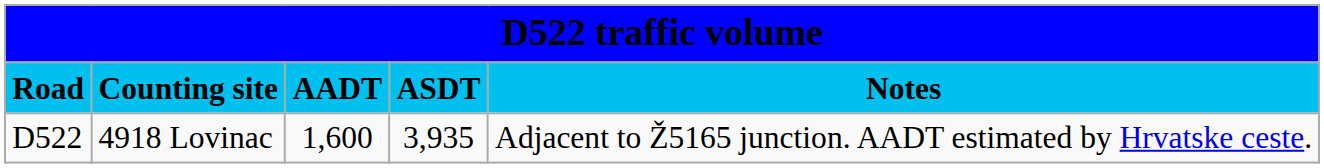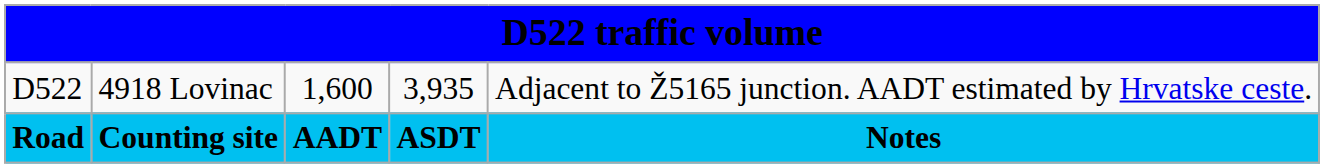 <table class="wikitable">
 <tr>
 <td colspan=5 bgcolor=blue align=center style=margin-top:15><span><big><strong>D522 traffic volume</strong></big></span></td>
+</tr>
+<tr>
+<td> D522</td>
+<td>4918 Lovinac</td>
+<td align=center>1,600</td>
+<td align=center>3,935</td>
+<td>Adjacent to Ž5165 junction. AADT estimated by <a href='#'>Hrvatske ceste</a>.</td>
 </tr>
 <tr>
 <td align=center bgcolor=00c0f0><strong>Road</strong></td>
 <td align=center bgcolor=00c0f0><strong>Counting site</strong></td>
 <td align=center bgcolor=00c0f0><strong>AADT</strong></td>
 <td align=center bgcolor=00c0f0><strong>ASDT</strong></td>
 <td align=center bgcolor=00c0f0><strong>Notes</strong></td>
 </tr>
-<tr>
-<td> D522</td>
-<td>4918 Lovinac</td>
-<td align=center>1,600</td>
-<td align=center>3,935</td>
-<td>Adjacent to Ž5165 junction. AADT estimated by <a href='#'>Hrvatske ceste</a>.</td>
-</tr>
 </table>
